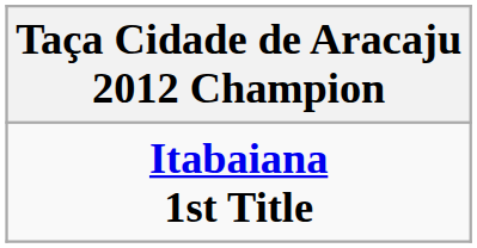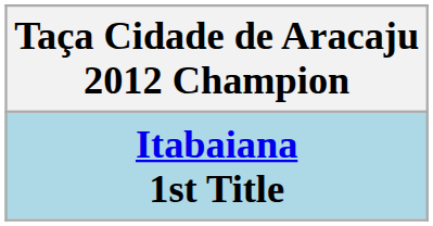 <table class="wikitable" style="text-align: center; margin: 0.5em auto;">
 <tr>
 <th>Taça Cidade de Aracaju<br>2012 Champion</th>
 </tr>
 <tr>
-<td><strong><a href='#'>Itabaiana</a></strong><br><strong>1st Title</strong></td>
+<td style="background: lightblue;"><strong><a href='#'>Itabaiana</a></strong><br><strong>1st Title</strong></td>
 </tr>
 </table>
